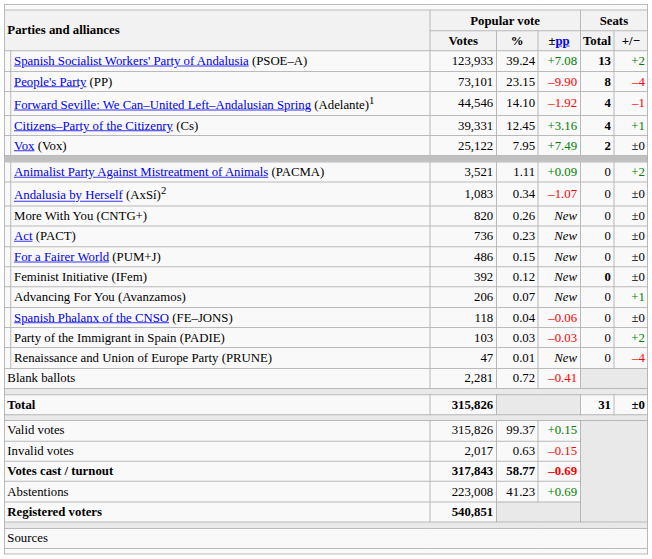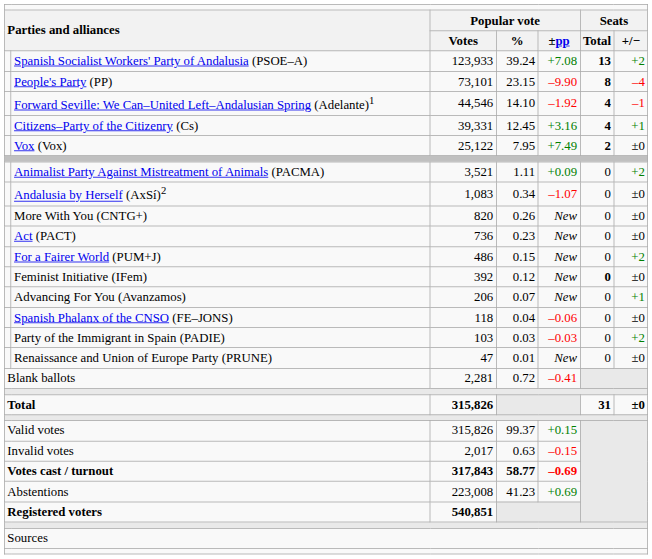 <table class="wikitable" style="text-align:right;">
 <tr>
 <td colspan="7"></td>
 </tr>
 <tr>
 <th style="text-align:left;" rowspan="2" colspan="2" width="525">Parties and alliances</th>
 <th colspan="3">Popular vote</th>
 <th colspan="2">Seats</th>
 </tr>
 <tr>
 <th width="75">Votes</th>
 <th width="45">%</th>
 <th width="45">±<a href='#'>pp</a></th>
 <th width="35">Total</th>
 <th width="35">+/−</th>
 </tr>
 <tr>
 <td width="1" style="color:inherit;background:"></td>
 <td align="left"><a href='#'>Spanish Socialist Workers' Party of Andalusia</a> (PSOE–A)</td>
 <td>123,933</td>
 <td>39.24</td>
 <td style="color:green;">+7.08</td>
 <td><strong>13</strong></td>
 <td style="color:green;">+2</td>
 </tr>
 <tr>
 <td style="color:inherit;background:"></td>
 <td align="left"><a href='#'>People's Party</a> (PP)</td>
 <td>73,101</td>
 <td>23.15</td>
 <td style="color:red;">–9.90</td>
 <td><strong>8</strong></td>
 <td style="color:red;">–4</td>
 </tr>
 <tr>
 <td style="color:inherit;background:"></td>
 <td align="left"><a href='#'>Forward Seville: We Can–United Left–Andalusian Spring</a> (Adelante)<sup>1</sup></td>
 <td>44,546</td>
 <td>14.10</td>
 <td style="color:red;">–1.92</td>
 <td><strong>4</strong></td>
 <td style="color:red;">–1</td>
 </tr>
 <tr>
 <td style="color:inherit;background:"></td>
 <td align="left"><a href='#'>Citizens–Party of the Citizenry</a> (Cs)</td>
 <td>39,331</td>
 <td>12.45</td>
 <td style="color:green;">+3.16</td>
 <td><strong>4</strong></td>
 <td style="color:green;">+1</td>
 </tr>
 <tr>
 <td style="color:inherit;background:"></td>
 <td align="left"><a href='#'>Vox</a> (Vox)</td>
 <td>25,122</td>
 <td>7.95</td>
 <td style="color:green;">+7.49</td>
 <td><strong>2</strong></td>
 <td>±0</td>
 </tr>
 <tr>
 <td colspan="7" bgcolor="#C0C0C0"></td>
 </tr>
 <tr>
 <td style="color:inherit;background:"></td>
 <td align="left"><a href='#'>Animalist Party Against Mistreatment of Animals</a> (PACMA)</td>
 <td>3,521</td>
 <td>1.11</td>
 <td style="color:green;">+0.09</td>
 <td>0</td>
 <td style="color:green;">+2</td>
 </tr>
 <tr>
 <td style="color:inherit;background:"></td>
 <td align="left"><a href='#'>Andalusia by Herself</a> (AxSí)<sup>2</sup></td>
 <td>1,083</td>
 <td>0.34</td>
 <td style="color:red;">–1.07</td>
 <td>0</td>
 <td>±0</td>
 </tr>
 <tr>
 <td style="color:inherit;background:"></td>
 <td align="left">More With You (CNTG+)</td>
 <td>820</td>
 <td>0.26</td>
 <td><em>New</em></td>
 <td>0</td>
 <td>±0</td>
 </tr>
 <tr>
 <td style="color:inherit;background:"></td>
 <td align="left"><a href='#'>Act</a> (PACT)</td>
 <td>736</td>
 <td>0.23</td>
 <td><em>New</em></td>
 <td>0</td>
 <td>±0</td>
 </tr>
 <tr>
 <td style="color:inherit;background:"></td>
 <td align="left"><a href='#'>For a Fairer World</a> (PUM+J)</td>
 <td>486</td>
 <td>0.15</td>
 <td><em>New</em></td>
 <td>0</td>
-<td>±0</td>
+<td style="color:green;">+2</td>
 </tr>
 <tr>
 <td style="color:inherit;background:"></td>
 <td align="left">Feminist Initiative (IFem)</td>
 <td>392</td>
 <td>0.12</td>
 <td><em>New</em></td>
 <td><strong>0</strong></td>
 <td>±0</td>
 </tr>
 <tr>
 <td style="color:inherit;background:"></td>
 <td align="left">Advancing For You (Avanzamos)</td>
 <td>206</td>
 <td>0.07</td>
 <td><em>New</em></td>
 <td>0</td>
 <td style="color:green;">+1</td>
 </tr>
 <tr>
 <td style="color:inherit;background:"></td>
 <td align="left"><a href='#'>Spanish Phalanx of the CNSO</a> (FE–JONS)</td>
 <td>118</td>
 <td>0.04</td>
 <td style="color:red;">–0.06</td>
 <td>0</td>
 <td>±0</td>
 </tr>
 <tr>
 <td style="color:inherit;background:"></td>
 <td align="left">Party of the Immigrant in Spain (PADIE)</td>
 <td>103</td>
 <td>0.03</td>
 <td style="color:red;">–0.03</td>
 <td>0</td>
 <td style="color:green;">+2</td>
 </tr>
 <tr>
 <td style="color:inherit;background:"></td>
 <td align="left">Renaissance and Union of Europe Party (PRUNE)</td>
 <td>47</td>
 <td>0.01</td>
 <td><em>New</em></td>
 <td>0</td>
-<td style="color:red;">–4</td>
+<td>±0</td>
 </tr>
 <tr>
 <td align="left" colspan="2">Blank ballots</td>
 <td>2,281</td>
 <td>0.72</td>
 <td style="color:red;">–0.41</td>
 <td bgcolor="#E9E9E9" colspan="2"></td>
 </tr>
 <tr>
 <td colspan="7" bgcolor="#E9E9E9"></td>
 </tr>
 <tr style="font-weight:bold;">
 <td align="left" colspan="2">Total</td>
 <td>315,826</td>
 <td bgcolor="#E9E9E9" colspan="2"></td>
 <td>31</td>
 <td>±0</td>
 </tr>
 <tr>
 <td colspan="7" bgcolor="#E9E9E9"></td>
 </tr>
 <tr>
 <td align="left" colspan="2">Valid votes</td>
 <td>315,826</td>
 <td>99.37</td>
 <td style="color:green;">+0.15</td>
 <td bgcolor="#E9E9E9" colspan="2" rowspan="5"></td>
 </tr>
 <tr>
 <td align="left" colspan="2">Invalid votes</td>
 <td>2,017</td>
 <td>0.63</td>
 <td style="color:red;">–0.15</td>
 </tr>
 <tr style="font-weight:bold;">
 <td align="left" colspan="2">Votes cast / turnout</td>
 <td>317,843</td>
 <td>58.77</td>
 <td style="color:red;">–0.69</td>
 </tr>
 <tr>
 <td align="left" colspan="2">Abstentions</td>
 <td>223,008</td>
 <td>41.23</td>
 <td style="color:green;">+0.69</td>
 </tr>
 <tr style="font-weight:bold;">
 <td align="left" colspan="2">Registered voters</td>
 <td>540,851</td>
 <td bgcolor="#E9E9E9" colspan="2"></td>
 </tr>
 <tr>
 <td colspan="7" bgcolor="#E9E9E9"></td>
 </tr>
 <tr>
 <td align="left" colspan="7">Sources</td>
 </tr>
 <tr>
 <td colspan="7" style="text-align:left; max-width:790px;"></td>
 </tr>
 </table>
